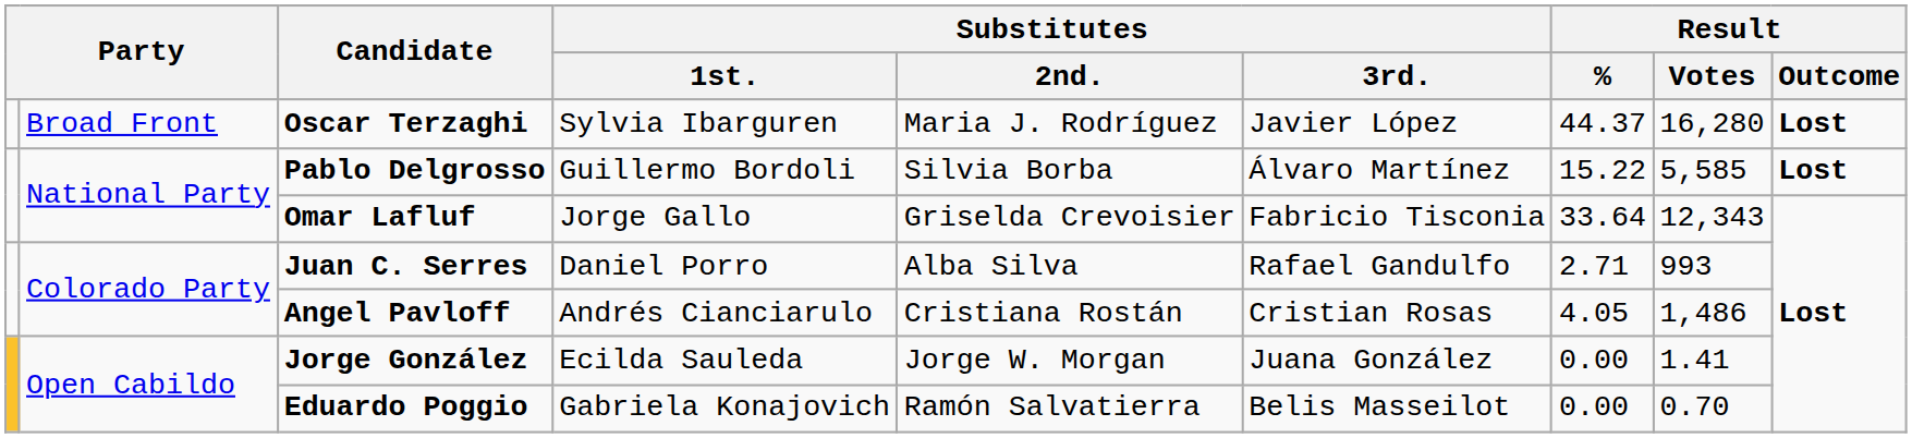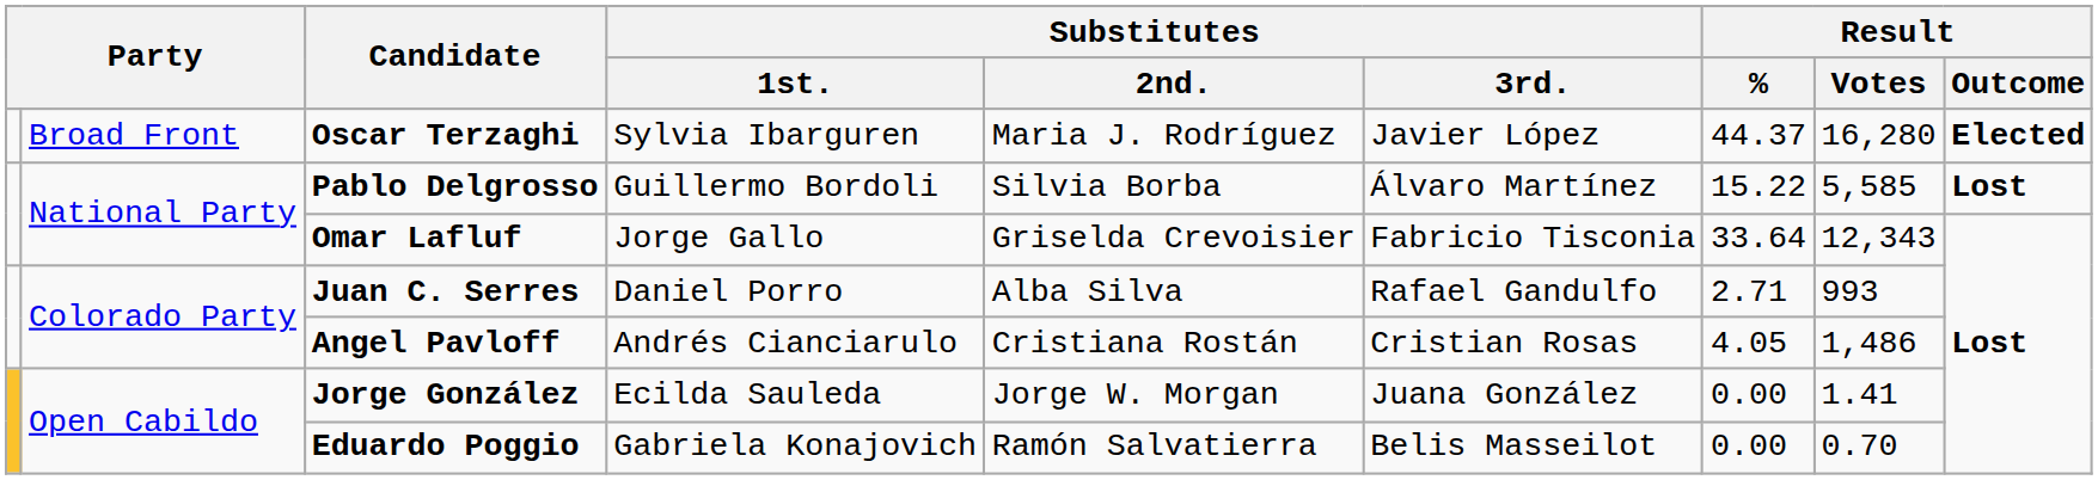 <table class="wikitable">
 <tr>
 <th colspan="2" rowspan="2">Party</th>
 <th rowspan="2">Candidate</th>
 <th colspan="3">Substitutes</th>
 <th colspan="3">Result</th>
 </tr>
 <tr>
 <th>1st.</th>
 <th>2nd.</th>
 <th>3rd.</th>
 <th>%</th>
 <th>Votes</th>
 <th>Outcome</th>
 </tr>
 <tr>
 <td style="background:"></td>
 <td><a href='#'>Broad Front</a></td>
 <td><strong>Oscar Terzaghi</strong></td>
 <td>Sylvia Ibarguren</td>
 <td>Maria J. Rodríguez</td>
 <td>Javier López</td>
 <td>44.37</td>
 <td>16,280</td>
-<td><strong>Lost</strong> </td>
+<td><strong>Elected</strong> </td>
 </tr>
 <tr>
 <td rowspan="2" style="background:"></td>
 <td rowspan="2"><a href='#'>National Party</a></td>
 <td><strong>Pablo Delgrosso</strong></td>
 <td>Guillermo Bordoli</td>
 <td>Silvia Borba</td>
 <td>Álvaro Martínez</td>
 <td>15.22</td>
 <td>5,585</td>
 <td><strong>Lost</strong> </td>
 </tr>
 <tr>
 <td><strong>Omar Lafluf</strong></td>
 <td>Jorge Gallo</td>
 <td>Griselda Crevoisier</td>
 <td>Fabricio Tisconia</td>
 <td>33.64</td>
 <td>12,343</td>
 <td rowspan="5"><strong>Lost</strong> </td>
 </tr>
 <tr>
 <td rowspan="2" style="background:"></td>
 <td rowspan="2"><a href='#'>Colorado Party</a></td>
 <td><strong>Juan C. Serres</strong></td>
 <td>Daniel Porro</td>
 <td>Alba Silva</td>
 <td>Rafael Gandulfo</td>
 <td>2.71</td>
 <td>993</td>
 </tr>
 <tr>
 <td><strong>Angel Pavloff</strong></td>
 <td>Andrés Cianciarulo</td>
 <td>Cristiana Rostán</td>
 <td>Cristian Rosas</td>
 <td>4.05</td>
 <td>1,486</td>
 </tr>
 <tr>
 <td rowspan="2" style="background:#FBC22B"></td>
 <td rowspan="2"><a href='#'>Open Cabildo</a></td>
 <td><strong>Jorge González</strong></td>
 <td>Ecilda Sauleda</td>
 <td>Jorge W. Morgan</td>
 <td>Juana González</td>
 <td>0.00</td>
 <td>1.41</td>
 </tr>
 <tr>
 <td><strong>Eduardo Poggio</strong></td>
 <td>Gabriela Konajovich</td>
 <td>Ramón Salvatierra</td>
 <td>Belis Masseilot</td>
 <td>0.00</td>
 <td>0.70</td>
 </tr>
 </table>
